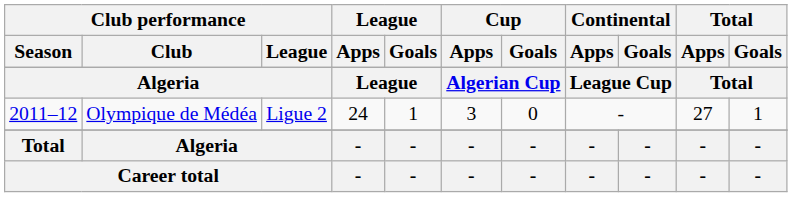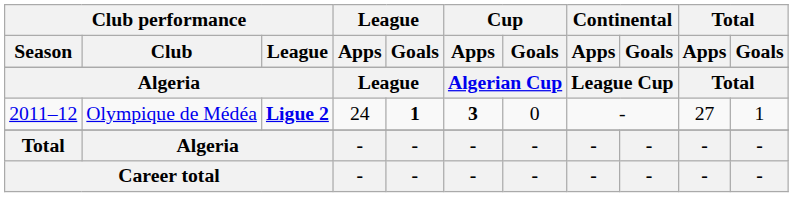 <table class="wikitable" style="text-align:center">
 <tr>
 <th colspan=3>Club performance</th>
 <th colspan=2>League</th>
 <th colspan=2>Cup</th>
 <th colspan=2>Continental</th>
 <th colspan=2>Total</th>
 </tr>
 <tr>
 <th>Season</th>
 <th>Club</th>
 <th>League</th>
 <th>Apps</th>
 <th>Goals</th>
 <th>Apps</th>
 <th>Goals</th>
 <th>Apps</th>
 <th>Goals</th>
 <th>Apps</th>
 <th>Goals</th>
 </tr>
 <tr>
 </tr>
 <tr>
 <th colspan=3>Algeria</th>
 <th colspan=2>League</th>
 <th colspan=2><a href='#'>Algerian Cup</a></th>
 <th colspan=2>League Cup</th>
 <th colspan=2>Total</th>
 </tr>
 <tr>
 <td><a href='#'>2011–12</a></td>
 <td rowspan="1"><a href='#'>Olympique de Médéa</a></td>
-<td rowspan="1"><a href='#'>Ligue 2</a></td>
+<td rowspan="1"><strong><a href='#'>Ligue 2</a></strong></td>
 <td>24</td>
-<td>1</td>
-<td>3</td>
+<td><strong>1</strong></td>
+<td><strong>3</strong></td>
 <td>0</td>
 <td colspan="2">-</td>
 <td>27</td>
 <td>1</td>
 </tr>
 <tr>
 </tr>
 <tr>
 <th rowspan=1>Total</th>
 <th colspan=2>Algeria</th>
 <th>-</th>
 <th>-</th>
 <th>-</th>
 <th>-</th>
 <th>-</th>
 <th>-</th>
 <th>-</th>
 <th>-</th>
 </tr>
 <tr>
 <th colspan=3>Career total</th>
 <th>-</th>
 <th>-</th>
 <th>-</th>
 <th>-</th>
 <th>-</th>
 <th>-</th>
 <th>-</th>
 <th>-</th>
 </tr>
 </table>
